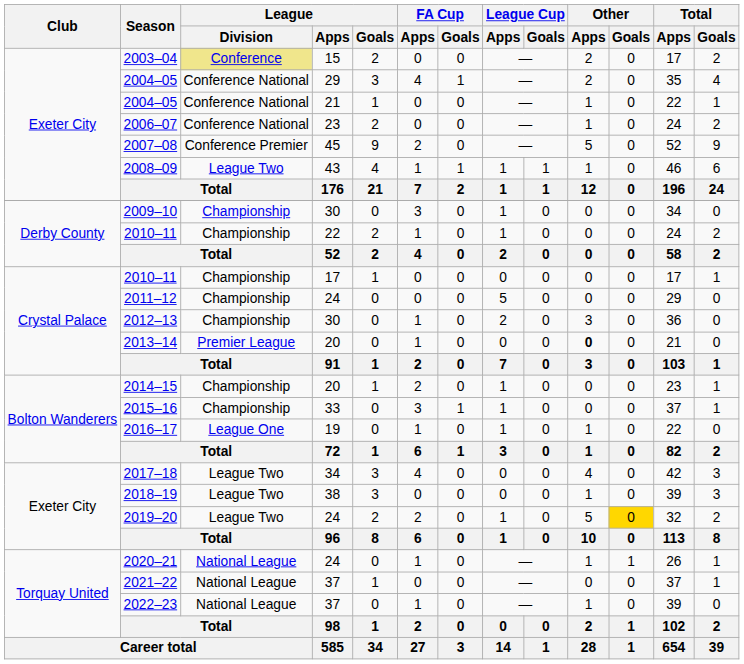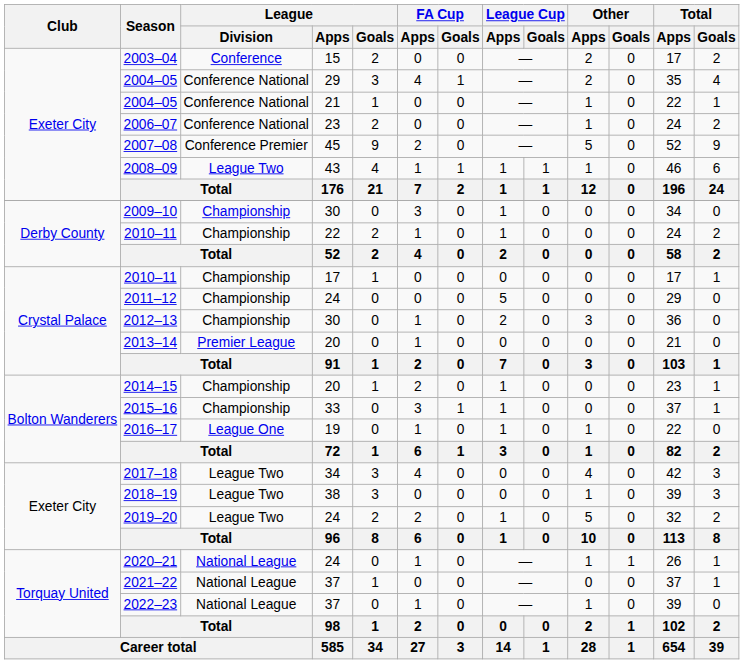 <table class="wikitable" style="text-align: center;">
 <tr>
 <th rowspan="2">Club</th>
 <th rowspan="2">Season</th>
 <th colspan="3">League</th>
 <th colspan="2"><a href='#'>FA Cup</a></th>
 <th colspan="2"><a href='#'>League Cup</a></th>
 <th colspan="2">Other</th>
 <th colspan="2">Total</th>
 </tr>
 <tr>
 <th>Division</th>
 <th>Apps</th>
 <th>Goals</th>
 <th>Apps</th>
 <th>Goals</th>
 <th>Apps</th>
 <th>Goals</th>
 <th>Apps</th>
 <th>Goals</th>
 <th>Apps</th>
 <th>Goals</th>
 </tr>
 <tr>
 <td rowspan="7" valign="centre"><a href='#'>Exeter City</a></td>
 <td><a href='#'>2003–04</a></td>
-<td style="background: khaki;"><a href='#'>Conference</a></td>
+<td><a href='#'>Conference</a></td>
 <td>15</td>
 <td>2</td>
 <td>0</td>
 <td>0</td>
 <td colspan="2">—</td>
 <td>2</td>
 <td>0</td>
 <td>17</td>
 <td>2</td>
 </tr>
 <tr>
 <td><a href='#'>2004–05</a></td>
 <td>Conference National</td>
 <td>29</td>
 <td>3</td>
 <td>4</td>
 <td>1</td>
 <td colspan="2">—</td>
 <td>2</td>
 <td>0</td>
 <td>35</td>
 <td>4</td>
 </tr>
 <tr>
 <td><a href='#'>2004–05</a></td>
 <td>Conference National</td>
 <td>21</td>
 <td>1</td>
 <td>0</td>
 <td>0</td>
 <td colspan="2">—</td>
 <td>1</td>
 <td>0</td>
 <td>22</td>
 <td>1</td>
 </tr>
 <tr>
 <td><a href='#'>2006–07</a></td>
 <td>Conference National</td>
 <td>23</td>
 <td>2</td>
 <td>0</td>
 <td>0</td>
 <td colspan="2">—</td>
 <td>1</td>
 <td>0</td>
 <td>24</td>
 <td>2</td>
 </tr>
 <tr>
 <td><a href='#'>2007–08</a></td>
 <td>Conference Premier</td>
 <td>45</td>
 <td>9</td>
 <td>2</td>
 <td>0</td>
 <td colspan="2">—</td>
 <td>5</td>
 <td>0</td>
 <td>52</td>
 <td>9</td>
 </tr>
 <tr>
 <td><a href='#'>2008–09</a></td>
 <td><a href='#'>League Two</a></td>
 <td>43</td>
 <td>4</td>
 <td>1</td>
 <td>1</td>
 <td>1</td>
 <td>1</td>
 <td>1</td>
 <td>0</td>
 <td>46</td>
 <td>6</td>
 </tr>
 <tr>
 <th colspan="2">Total</th>
 <th>176</th>
 <th>21</th>
 <th>7</th>
 <th>2</th>
 <th>1</th>
 <th>1</th>
 <th>12</th>
 <th>0</th>
 <th>196</th>
 <th>24</th>
 </tr>
 <tr>
 </tr>
 <tr>
 <td rowspan="3" valign="centre"><a href='#'>Derby County</a></td>
 <td><a href='#'>2009–10</a></td>
 <td><a href='#'>Championship</a></td>
 <td>30</td>
 <td>0</td>
 <td>3</td>
 <td>0</td>
 <td>1</td>
 <td>0</td>
 <td>0</td>
 <td>0</td>
 <td>34</td>
 <td>0</td>
 </tr>
 <tr>
 <td><a href='#'>2010–11</a></td>
 <td>Championship</td>
 <td>22</td>
 <td>2</td>
 <td>1</td>
 <td>0</td>
 <td>1</td>
 <td>0</td>
 <td>0</td>
 <td>0</td>
 <td>24</td>
 <td>2</td>
 </tr>
 <tr>
 <th colspan="2">Total</th>
 <th>52</th>
 <th>2</th>
 <th>4</th>
 <th>0</th>
 <th>2</th>
 <th>0</th>
 <th>0</th>
 <th>0</th>
 <th>58</th>
 <th>2</th>
 </tr>
 <tr>
 <td rowspan="5" valign="centre"><a href='#'>Crystal Palace</a></td>
 <td><a href='#'>2010–11</a></td>
 <td>Championship</td>
 <td>17</td>
 <td>1</td>
 <td>0</td>
 <td>0</td>
 <td>0</td>
 <td>0</td>
 <td>0</td>
 <td>0</td>
 <td>17</td>
 <td>1</td>
 </tr>
 <tr>
 <td><a href='#'>2011–12</a></td>
 <td>Championship</td>
 <td>24</td>
 <td>0</td>
 <td>0</td>
 <td>0</td>
 <td>5</td>
 <td>0</td>
 <td>0</td>
 <td>0</td>
 <td>29</td>
 <td>0</td>
 </tr>
 <tr>
 <td><a href='#'>2012–13</a></td>
 <td>Championship</td>
 <td>30</td>
 <td>0</td>
 <td>1</td>
 <td>0</td>
 <td>2</td>
 <td>0</td>
 <td>3</td>
 <td>0</td>
 <td>36</td>
 <td>0</td>
 </tr>
 <tr>
 <td><a href='#'>2013–14</a></td>
 <td><a href='#'>Premier League</a></td>
 <td>20</td>
 <td>0</td>
 <td>1</td>
 <td>0</td>
 <td>0</td>
 <td>0</td>
-<td><strong>0</strong></td>
+<td>0</td>
 <td>0</td>
 <td>21</td>
 <td>0</td>
 </tr>
 <tr>
 <th colspan="2">Total</th>
 <th>91</th>
 <th>1</th>
 <th>2</th>
 <th>0</th>
 <th>7</th>
 <th>0</th>
 <th>3</th>
 <th>0</th>
 <th>103</th>
 <th>1</th>
 </tr>
 <tr>
 <td rowspan="4" valign="centre"><a href='#'>Bolton Wanderers</a></td>
 <td><a href='#'>2014–15</a></td>
 <td>Championship</td>
 <td>20</td>
 <td>1</td>
 <td>2</td>
 <td>0</td>
 <td>1</td>
 <td>0</td>
 <td>0</td>
 <td>0</td>
 <td>23</td>
 <td>1</td>
 </tr>
 <tr>
 <td><a href='#'>2015–16</a></td>
 <td>Championship</td>
 <td>33</td>
 <td>0</td>
 <td>3</td>
 <td>1</td>
 <td>1</td>
 <td>0</td>
 <td>0</td>
 <td>0</td>
 <td>37</td>
 <td>1</td>
 </tr>
 <tr>
 <td><a href='#'>2016–17</a></td>
 <td><a href='#'>League One</a></td>
 <td>19</td>
 <td>0</td>
 <td>1</td>
 <td>0</td>
 <td>1</td>
 <td>0</td>
 <td>1</td>
 <td>0</td>
 <td>22</td>
 <td>0</td>
 </tr>
 <tr>
 <th colspan="2">Total</th>
 <th>72</th>
 <th>1</th>
 <th>6</th>
 <th>1</th>
 <th>3</th>
 <th>0</th>
 <th>1</th>
 <th>0</th>
 <th>82</th>
 <th>2</th>
 </tr>
 <tr>
 <td rowspan="4">Exeter City</td>
 <td><a href='#'>2017–18</a></td>
 <td>League Two</td>
 <td>34</td>
 <td>3</td>
 <td>4</td>
 <td>0</td>
 <td>0</td>
 <td>0</td>
 <td>4</td>
 <td>0</td>
 <td>42</td>
 <td>3</td>
 </tr>
 <tr>
 <td><a href='#'>2018–19</a></td>
 <td>League Two</td>
 <td>38</td>
 <td>3</td>
 <td>0</td>
 <td>0</td>
 <td>0</td>
 <td>0</td>
 <td>1</td>
 <td>0</td>
 <td>39</td>
 <td>3</td>
 </tr>
 <tr>
 <td><a href='#'>2019–20</a></td>
 <td>League Two</td>
 <td>24</td>
 <td>2</td>
 <td>2</td>
 <td>0</td>
 <td>1</td>
 <td>0</td>
 <td>5</td>
-<td style="background: gold;">0</td>
+<td>0</td>
 <td>32</td>
 <td>2</td>
 </tr>
 <tr>
 <th colspan="2">Total</th>
 <th>96</th>
 <th>8</th>
 <th>6</th>
 <th>0</th>
 <th>1</th>
 <th>0</th>
 <th>10</th>
 <th>0</th>
 <th>113</th>
 <th>8</th>
 </tr>
 <tr>
 <td rowspan="4"><a href='#'>Torquay United</a></td>
 <td><a href='#'>2020–21</a></td>
 <td><a href='#'>National League</a></td>
 <td>24</td>
 <td>0</td>
 <td>1</td>
 <td>0</td>
 <td colspan="2">—</td>
 <td>1</td>
 <td>1</td>
 <td>26</td>
 <td>1</td>
 </tr>
 <tr>
 <td><a href='#'>2021–22</a></td>
 <td>National League</td>
 <td>37</td>
 <td>1</td>
 <td>0</td>
 <td>0</td>
 <td colspan="2">—</td>
 <td>0</td>
 <td>0</td>
 <td>37</td>
 <td>1</td>
 </tr>
 <tr>
 <td><a href='#'>2022–23</a></td>
 <td>National League</td>
 <td>37</td>
 <td>0</td>
 <td>1</td>
 <td>0</td>
 <td colspan="2">—</td>
 <td>1</td>
 <td>0</td>
 <td>39</td>
 <td>0</td>
 </tr>
 <tr>
 <th colspan="2">Total</th>
 <th>98</th>
 <th>1</th>
 <th>2</th>
 <th>0</th>
 <th>0</th>
 <th>0</th>
 <th>2</th>
 <th>1</th>
 <th>102</th>
 <th>2</th>
 </tr>
 <tr>
 <th colspan="3">Career total</th>
 <th>585</th>
 <th>34</th>
 <th>27</th>
 <th>3</th>
 <th>14</th>
 <th>1</th>
 <th>28</th>
 <th>1</th>
 <th>654</th>
 <th>39</th>
 </tr>
 </table>
